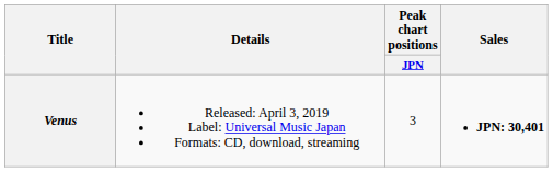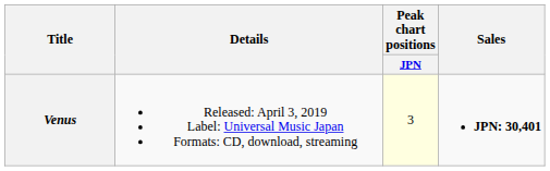 <table class="wikitable plainrowheaders" style="text-align:center">
 <tr>
 <th scope="col" rowspan="2" style="width:8em">Title</th>
 <th scope="col" rowspan="2" style="width:20em">Details</th>
 <th scope="col">Peak chart positions</th>
 <th scope="col" rowspan="2">Sales</th>
 </tr>
 <tr>
 <th scope="col" style="width:3em;font-size:90%"><a href='#'>JPN</a><br></th>
 </tr>
 <tr>
 <th scope="row"><em>Venus</em></th>
 <td><br><ul><li>Released: April 3, 2019 </li><li>Label: <a href='#'>Universal Music Japan</a></li><li>Formats: CD, download, streaming</li></ul></td>
-<td>3</td>
+<td style="background: lightyellow;">3</td>
 <td><strong><br><ul><li>JPN: 30,401</li></ul></strong></td>
 </tr>
 </table>
